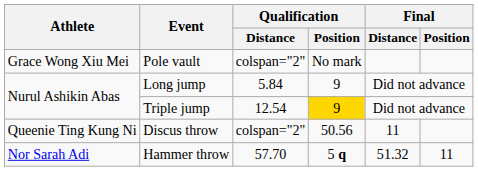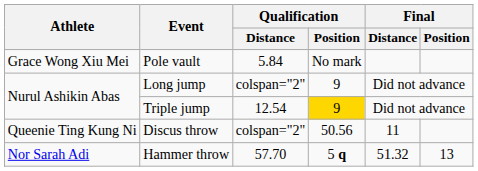 <table class=wikitable style="font-size:90%">
 <tr>
 <th rowspan="2">Athlete</th>
 <th rowspan="2">Event</th>
 <th colspan="2">Qualification</th>
 <th colspan="2">Final</th>
 </tr>
 <tr style="font-size:95%">
 <th>Distance</th>
 <th>Position</th>
 <th>Distance</th>
 <th>Position</th>
 </tr>
 <tr align="center">
 <td align="left">Grace Wong Xiu Mei</td>
 <td align="left">Pole vault</td>
-<td>colspan="2" </td>
+<td>5.84</td>
 <td>No mark</td>
 <td></td>
 </tr>
 <tr align="center">
 <td align="left" rowspan=2>Nurul Ashikin Abas</td>
 <td align="left">Long jump</td>
-<td>5.84</td>
+<td>colspan="2" </td>
 <td>9</td>
 <td colspan="2">Did not advance</td>
 </tr>
 <tr align="center">
 <td align="left">Triple jump</td>
 <td>12.54</td>
 <td style="background: gold;">9</td>
 <td colspan="2">Did not advance</td>
 </tr>
 <tr align="center">
 <td align="left">Queenie Ting Kung Ni</td>
 <td align="left">Discus throw</td>
 <td>colspan="2" </td>
 <td>50.56</td>
 <td>11</td>
 </tr>
 <tr align="center">
 <td align="left"><a href='#'>Nor Sarah Adi</a></td>
 <td align="left">Hammer throw</td>
 <td>57.70</td>
 <td>5 <strong>q</strong></td>
 <td>51.32</td>
-<td>11</td>
+<td>13</td>
 </tr>
 </table>
